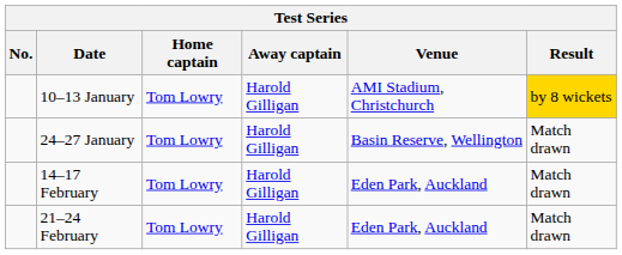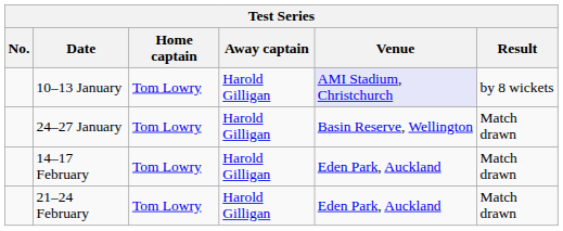 <table class="wikitable">
 <tr>
 <th colspan="9">Test Series</th>
 </tr>
 <tr>
 <th>No.</th>
 <th>Date</th>
 <th>Home captain</th>
 <th>Away captain</th>
 <th>Venue</th>
 <th>Result</th>
 </tr>
 <tr>
 <td></td>
 <td>10–13 January</td>
 <td><a href='#'>Tom Lowry</a></td>
 <td><a href='#'>Harold Gilligan</a></td>
-<td><a href='#'>AMI Stadium</a>, <a href='#'>Christchurch</a></td>
-<td style="background: gold;"> by 8 wickets</td>
+<td style="background: lavender;"><a href='#'>AMI Stadium</a>, <a href='#'>Christchurch</a></td>
+<td> by 8 wickets</td>
 </tr>
 <tr>
 <td></td>
 <td>24–27 January</td>
 <td><a href='#'>Tom Lowry</a></td>
 <td><a href='#'>Harold Gilligan</a></td>
 <td><a href='#'>Basin Reserve</a>, <a href='#'>Wellington</a></td>
 <td>Match drawn</td>
 </tr>
 <tr>
 <td></td>
 <td>14–17 February</td>
 <td><a href='#'>Tom Lowry</a></td>
 <td><a href='#'>Harold Gilligan</a></td>
 <td><a href='#'>Eden Park</a>, <a href='#'>Auckland</a></td>
 <td>Match drawn</td>
 </tr>
 <tr>
 <td></td>
 <td>21–24 February</td>
 <td><a href='#'>Tom Lowry</a></td>
 <td><a href='#'>Harold Gilligan</a></td>
 <td><a href='#'>Eden Park</a>, <a href='#'>Auckland</a></td>
 <td>Match drawn</td>
 </tr>
 </table>
